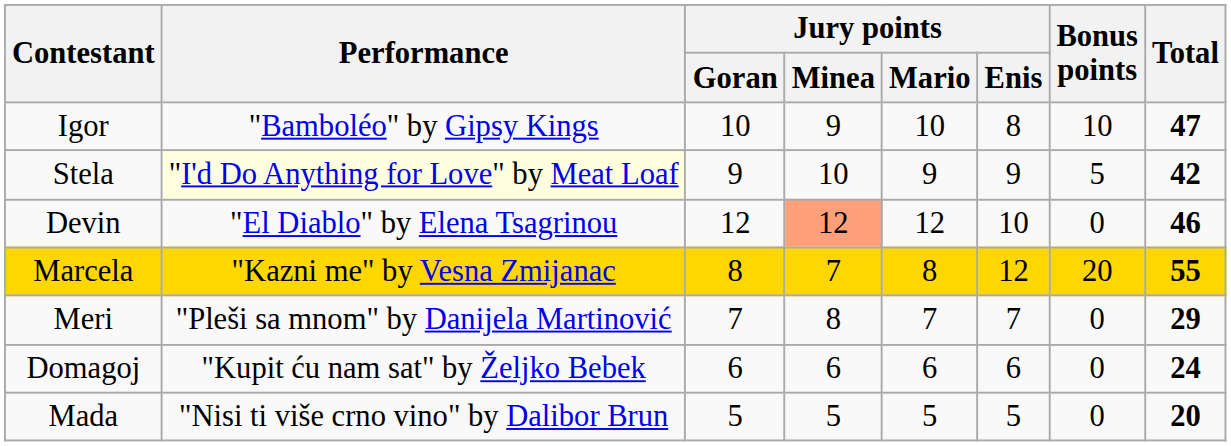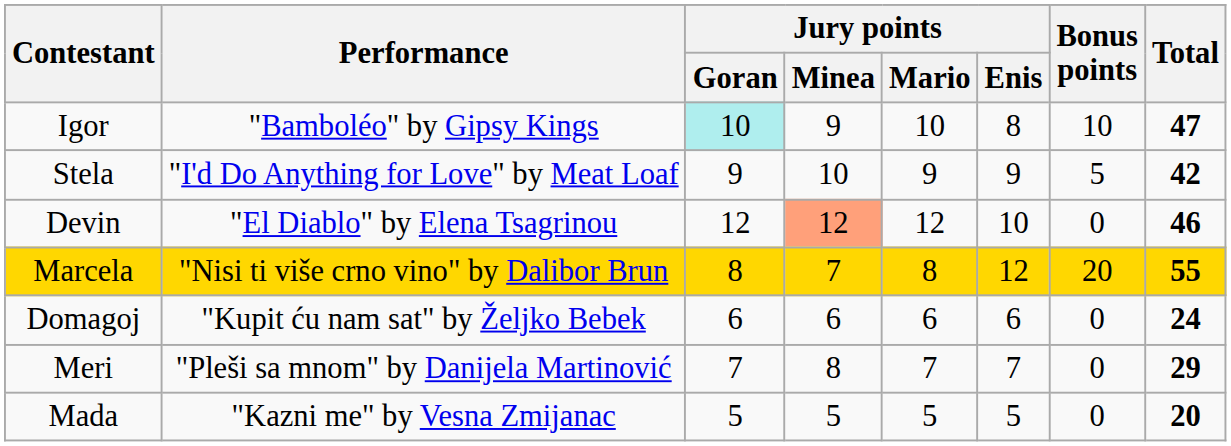 <table class="wikitable sortable" style="text-align: center;">
 <tr>
 <th rowspan="2">Contestant</th>
 <th rowspan="2">Performance</th>
 <th colspan="4">Jury points</th>
 <th rowspan="2">Bonus<br>points</th>
 <th rowspan="2">Total</th>
 </tr>
 <tr>
 <th>Goran</th>
 <th>Minea</th>
 <th>Mario</th>
 <th>Enis</th>
 </tr>
 <tr>
 <td>Igor</td>
 <td>"<a href='#'>Bamboléo</a>" by <a href='#'>Gipsy Kings</a></td>
-<td>10</td>
+<td style="background: paleturquoise;">10</td>
 <td>9</td>
 <td>10</td>
 <td>8</td>
 <td>10</td>
 <td><strong>47</strong></td>
 </tr>
 <tr>
 <td>Stela</td>
-<td style="background: lightyellow;">"<a href='#'>I'd Do Anything for Love</a>" by <a href='#'>Meat Loaf</a></td>
+<td>"<a href='#'>I'd Do Anything for Love</a>" by <a href='#'>Meat Loaf</a></td>
 <td>9</td>
 <td>10</td>
 <td>9</td>
 <td>9</td>
 <td>5</td>
 <td><strong>42</strong></td>
 </tr>
 <tr>
 <td>Devin</td>
 <td>"<a href='#'>El Diablo</a>" by <a href='#'>Elena Tsagrinou</a></td>
 <td>12</td>
 <td style="background: lightsalmon;">12</td>
 <td>12</td>
 <td>10</td>
 <td>0</td>
 <td><strong>46</strong></td>
 </tr>
 <tr style="background-color:gold;">
 <td>Marcela</td>
-<td>"Kazni me" by <a href='#'>Vesna Zmijanac</a></td>
+<td>"Nisi ti više crno vino" by <a href='#'>Dalibor Brun</a></td>
 <td>8</td>
 <td>7</td>
 <td>8</td>
 <td>12</td>
 <td>20</td>
 <td><strong>55</strong></td>
+</tr>
+<tr>
+<td>Domagoj</td>
+<td>"Kupit ću nam sat" by <a href='#'>Željko Bebek</a></td>
+<td>6</td>
+<td>6</td>
+<td>6</td>
+<td>6</td>
+<td>0</td>
+<td><strong>24</strong></td>
 </tr>
 <tr>
 <td>Meri</td>
 <td>"Pleši sa mnom" by <a href='#'>Danijela Martinović</a></td>
 <td>7</td>
 <td>8</td>
 <td>7</td>
 <td>7</td>
 <td>0</td>
 <td><strong>29</strong></td>
 </tr>
 <tr>
-<td>Domagoj</td>
-<td>"Kupit ću nam sat" by <a href='#'>Željko Bebek</a></td>
-<td>6</td>
-<td>6</td>
-<td>6</td>
-<td>6</td>
-<td>0</td>
-<td><strong>24</strong></td>
-</tr>
-<tr>
 <td>Mada</td>
-<td>"Nisi ti više crno vino" by <a href='#'>Dalibor Brun</a></td>
+<td>"Kazni me" by <a href='#'>Vesna Zmijanac</a></td>
 <td>5</td>
 <td>5</td>
 <td>5</td>
 <td>5</td>
 <td>0</td>
 <td><strong>20</strong></td>
 </tr>
 </table>
